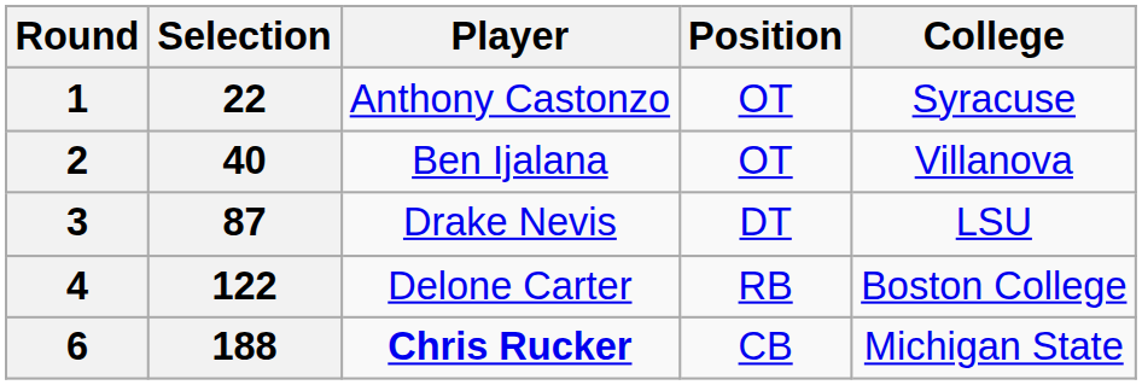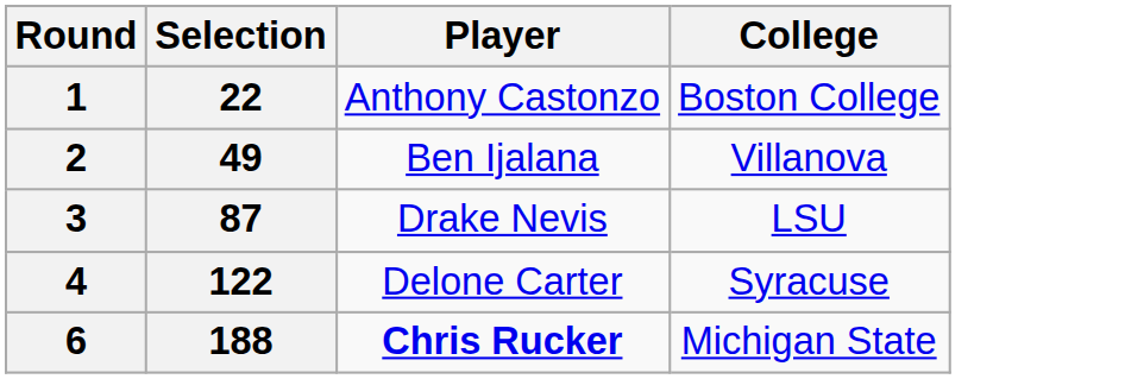 <table class="wikitable" style="text-align:center">
 <tr>
 <th>Round</th>
 <th>Selection</th>
 <th>Player</th>
-<th>Position</th>
 <th>College</th>
 </tr>
 <tr>
 <th>1</th>
 <th>22</th>
 <td><a href='#'>Anthony Castonzo</a></td>
-<td><a href='#'>OT</a></td>
-<td><a href='#'>Syracuse</a></td>
+<td><a href='#'>Boston College</a></td>
 </tr>
 <tr>
 <th>2</th>
-<th>40</th>
+<th>49</th>
 <td><a href='#'>Ben Ijalana</a></td>
-<td><a href='#'>OT</a></td>
 <td><a href='#'>Villanova</a></td>
 </tr>
 <tr>
 <th>3</th>
 <th>87</th>
 <td><a href='#'>Drake Nevis</a></td>
-<td><a href='#'>DT</a></td>
 <td><a href='#'>LSU</a></td>
 </tr>
 <tr>
 <th>4</th>
 <th>122</th>
 <td><a href='#'>Delone Carter</a></td>
-<td><a href='#'>RB</a></td>
-<td><a href='#'>Boston College</a></td>
+<td><a href='#'>Syracuse</a></td>
 </tr>
 <tr>
 <th>6</th>
 <th>188</th>
 <td><strong><a href='#'>Chris Rucker</a></strong></td>
-<td><a href='#'>CB</a></td>
 <td><a href='#'>Michigan State</a></td>
 </tr>
 </table>
